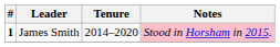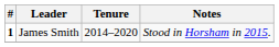 <table class="wikitable" style="text-align:center">
 <tr ->
 <th>#</th>
 <th>Leader</th>
 <th>Tenure</th>
 <th>Notes</th>
 </tr>
 <tr ->
 <th style="background:white; color:black;">1</th>
 <td>James Smith</td>
 <td>2014–2020</td>
-<td style="background: pink;"><em>Stood in <a href='#'>Horsham</a> in <a href='#'>2015</a>.</em></td>
+<td><em>Stood in <a href='#'>Horsham</a> in <a href='#'>2015</a>.</em></td>
 </tr>
 <tr ->
 </tr>
 </table>
